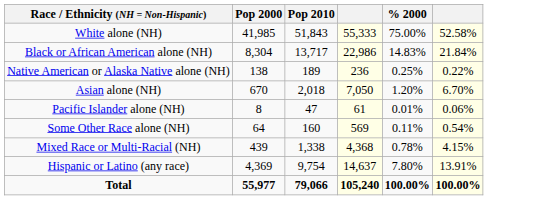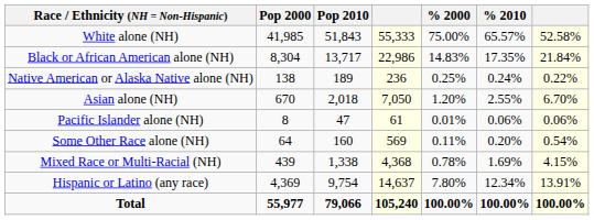 <table class="wikitable" style="text-align:center;">
 <tr>
 <th>Race / Ethnicity <small>(<em>NH = Non-Hispanic</em>)</small></th>
 <th>Pop 2000</th>
 <th>Pop 2010</th>
 <th></th>
 <th>% 2000</th>
+<th>% 2010</th>
 <th></th>
 </tr>
 <tr>
 <td><a href='#'>White</a> alone (NH)</td>
 <td>41,985</td>
 <td>51,843</td>
 <td style='background: #ffffe6;'>55,333</td>
 <td>75.00%</td>
+<td>65.57%</td>
 <td style='background: #ffffe6;'>52.58%</td>
 </tr>
 <tr>
 <td><a href='#'>Black or African American</a> alone (NH)</td>
 <td>8,304</td>
 <td>13,717</td>
 <td style='background: #ffffe6;'>22,986</td>
 <td>14.83%</td>
+<td>17.35%</td>
 <td style='background: #ffffe6;'>21.84%</td>
 </tr>
 <tr>
 <td><a href='#'>Native American</a> or <a href='#'>Alaska Native</a> alone (NH)</td>
 <td>138</td>
 <td>189</td>
 <td style='background: #ffffe6;'>236</td>
 <td>0.25%</td>
+<td>0.24%</td>
 <td style='background: #ffffe6;'>0.22%</td>
 </tr>
 <tr>
 <td><a href='#'>Asian</a> alone (NH)</td>
 <td>670</td>
 <td>2,018</td>
 <td style='background: #ffffe6;'>7,050</td>
 <td>1.20%</td>
+<td>2.55%</td>
 <td style='background: #ffffe6;'>6.70%</td>
 </tr>
 <tr>
 <td><a href='#'>Pacific Islander</a> alone (NH)</td>
 <td>8</td>
 <td>47</td>
 <td style='background: #ffffe6;'>61</td>
 <td>0.01%</td>
+<td>0.06%</td>
 <td style='background: #ffffe6;'>0.06%</td>
 </tr>
 <tr>
 <td><a href='#'>Some Other Race</a> alone (NH)</td>
 <td>64</td>
 <td>160</td>
 <td style='background: #ffffe6;'>569</td>
 <td>0.11%</td>
+<td>0.20%</td>
 <td style='background: #ffffe6;'>0.54%</td>
 </tr>
 <tr>
 <td><a href='#'>Mixed Race or Multi-Racial</a> (NH)</td>
 <td>439</td>
 <td>1,338</td>
 <td style='background: #ffffe6;'>4,368</td>
 <td>0.78%</td>
+<td>1.69%</td>
 <td style='background: #ffffe6;'>4.15%</td>
 </tr>
 <tr>
 <td><a href='#'>Hispanic or Latino</a> (any race)</td>
 <td>4,369</td>
 <td>9,754</td>
 <td style='background: #ffffe6;'>14,637</td>
 <td>7.80%</td>
+<td>12.34%</td>
 <td style='background: #ffffe6;'>13.91%</td>
 </tr>
 <tr>
 <td><strong>Total</strong></td>
 <td><strong>55,977</strong></td>
 <td><strong>79,066</strong></td>
 <td style='background: #ffffe6;'><strong>105,240</strong></td>
 <td><strong>100.00%</strong></td>
+<td><strong>100.00%</strong></td>
 <td style='background: #ffffe6;'><strong>100.00%</strong></td>
 </tr>
 </table>
